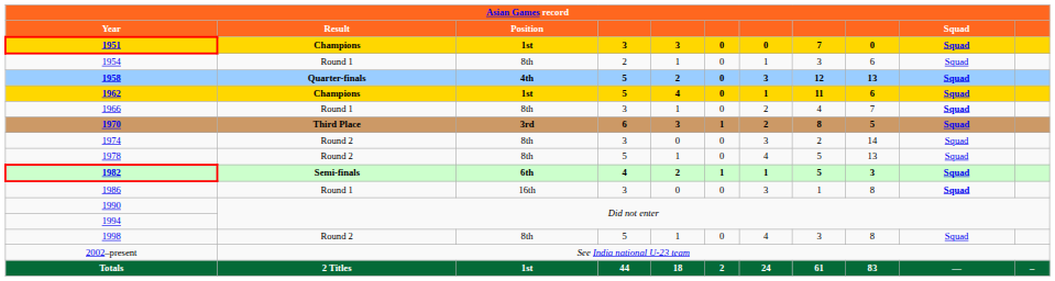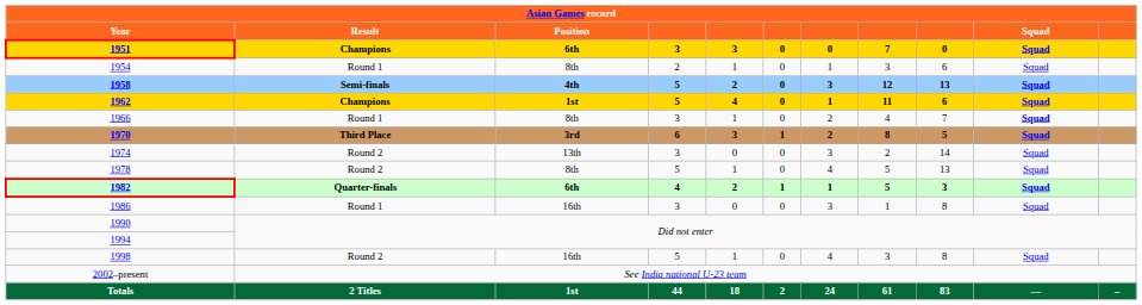 <table class="wikitable" style="font-size:90%; text-align:center;" width="100%" class="wikitable">
 <tr>
 <th colspan=11 style="background:#FF671F; color:white; "><a href='#'>Asian Games</a> record</th>
 </tr>
 <tr>
 <th style="background:#FF671F; color:white; ">Year</th>
 <th style="background:#FF671F; color:white; ">Result</th>
 <th style="background:#FF671F; color:white; ">Position</th>
 <th style="background:#FF671F; color:white; "></th>
 <th style="background:#FF671F; color:white; "></th>
 <th style="background:#FF671F; color:white; "></th>
 <th style="background:#FF671F; color:white; "></th>
 <th style="background:#FF671F; color:white; "></th>
 <th style="background:#FF671F; color:white; "></th>
 <th style="background:#FF671F; color:white; ">Squad</th>
 <th style="background:#FF671F; color:white; "></th>
 </tr>
 <tr style="background:gold">
 <td style="border: 3px solid red"> <strong><a href='#'>1951</a></strong></td>
 <td><strong>Champions</strong></td>
-<td><strong>1st</strong></td>
+<td><strong>6th</strong></td>
 <td><strong>3</strong></td>
 <td><strong>3</strong></td>
 <td><strong>0</strong></td>
 <td><strong>0</strong></td>
 <td><strong>7</strong></td>
 <td><strong>0</strong></td>
 <td><strong><a href='#'>Squad</a></strong></td>
 <td></td>
 </tr>
 <tr>
 <td> <a href='#'>1954</a></td>
 <td>Round 1</td>
 <td>8th</td>
 <td>2</td>
 <td>1</td>
 <td>0</td>
 <td>1</td>
 <td>3</td>
 <td>6</td>
 <td><a href='#'>Squad</a></td>
 <td></td>
 </tr>
 <tr style="background:#9acdff;">
 <td> <strong><a href='#'>1958</a></strong></td>
-<td><strong>Quarter-finals</strong></td>
+<td><strong>Semi-finals</strong></td>
 <td><strong>4th</strong></td>
 <td><strong>5</strong></td>
 <td><strong>2</strong></td>
 <td><strong>0</strong></td>
 <td><strong>3</strong></td>
 <td><strong>12</strong></td>
 <td><strong>13</strong></td>
 <td><strong><a href='#'>Squad</a></strong></td>
 <td></td>
 </tr>
 <tr style="background:gold">
 <td> <strong><a href='#'>1962</a></strong></td>
 <td><strong>Champions</strong></td>
 <td><strong>1st</strong></td>
 <td><strong>5</strong></td>
 <td><strong>4</strong></td>
 <td><strong>0</strong></td>
 <td><strong>1</strong></td>
 <td><strong>11</strong></td>
 <td><strong>6</strong></td>
 <td><strong><a href='#'>Squad</a></strong></td>
 <td></td>
 </tr>
 <tr>
 <td> <a href='#'>1966</a></td>
 <td>Round 1</td>
 <td>8th</td>
 <td>3</td>
 <td>1</td>
 <td>0</td>
 <td>2</td>
 <td>4</td>
 <td>7</td>
 <td><strong><a href='#'>Squad</a></strong></td>
 <td></td>
 </tr>
 <tr style="background:#c96;">
 <td> <strong><a href='#'>1970</a></strong></td>
 <td><strong>Third Place</strong></td>
 <td><strong>3rd</strong></td>
 <td><strong>6</strong></td>
 <td><strong>3</strong></td>
 <td><strong>1</strong></td>
 <td><strong>2</strong></td>
 <td><strong>8</strong></td>
 <td><strong>5</strong></td>
 <td><strong><a href='#'>Squad</a></strong></td>
 <td></td>
 </tr>
 <tr>
 <td> <a href='#'>1974</a></td>
 <td>Round 2</td>
-<td>8th</td>
+<td>13th</td>
 <td>3</td>
 <td>0</td>
 <td>0</td>
 <td>3</td>
 <td>2</td>
 <td>14</td>
 <td><a href='#'>Squad</a></td>
 <td></td>
 </tr>
 <tr>
 <td> <a href='#'>1978</a></td>
 <td>Round 2</td>
 <td>8th</td>
 <td>5</td>
 <td>1</td>
 <td>0</td>
 <td>4</td>
 <td>5</td>
 <td>13</td>
 <td><a href='#'>Squad</a></td>
 <td></td>
 </tr>
 <tr bgcolor=#ccffcc>
 <td style="border: 3px solid red"> <strong><a href='#'>1982</a></strong></td>
-<td><strong>Semi-finals</strong></td>
+<td><strong>Quarter-finals</strong></td>
 <td><strong>6th</strong></td>
 <td><strong>4</strong></td>
 <td><strong>2</strong></td>
 <td><strong>1</strong></td>
 <td><strong>1</strong></td>
 <td><strong>5</strong></td>
 <td><strong>3</strong></td>
 <td><strong><a href='#'>Squad</a></strong></td>
 <td></td>
 </tr>
 <tr>
 <td> <a href='#'>1986</a></td>
 <td>Round 1</td>
 <td>16th</td>
 <td>3</td>
 <td>0</td>
 <td>0</td>
 <td>3</td>
 <td>1</td>
 <td>8</td>
-<td><strong><a href='#'>Squad</a></strong></td>
+<td><a href='#'>Squad</a></td>
 <td></td>
 </tr>
 <tr>
 <td> <a href='#'>1990</a></td>
 <td colspan="10" rowspan="2"><em>Did not enter</em></td>
 </tr>
 <tr>
 <td> <a href='#'>1994</a></td>
 </tr>
 <tr>
 <td> <a href='#'>1998</a></td>
 <td>Round 2</td>
-<td>8th</td>
+<td>16th</td>
 <td>5</td>
 <td>1</td>
 <td>0</td>
 <td>4</td>
 <td>3</td>
 <td>8</td>
 <td><a href='#'>Squad</a></td>
 <td></td>
 </tr>
 <tr>
 <td> <a href='#'>2002</a>–present</td>
 <td colspan=10><em>See <a href='#'>India national U-23 team</a></em></td>
 </tr>
 <tr>
 <th style="background:#046A38; color:white; "><strong>Totals</strong></th>
 <th style="background:#046A38; color:white; ">2 Titles</th>
 <th style="background:#046A38; color:white; ">1st</th>
 <th style="background:#046A38; color:white; ">44</th>
 <th style="background:#046A38; color:white; ">18</th>
 <th style="background:#046A38; color:white; ">2</th>
 <th style="background:#046A38; color:white; ">24</th>
 <th style="background:#046A38; color:white; ">61</th>
 <th style="background:#046A38; color:white; ">83</th>
 <th style="background:#046A38; color:white; ">—</th>
 <th style="background:#046A38; color:white; ">–</th>
 </tr>
 </table>
